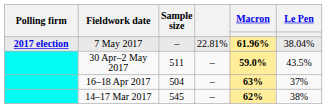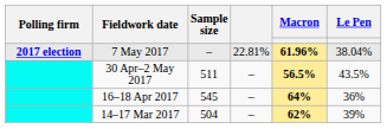 <table class="wikitable sortable" style="text-align:center;font-size:90%;line-height:14px;">
 <tr style="height:40px;">
 <th style="width:100px;" rowspan="2">Polling firm</th>
 <th style="width:110px;" rowspan="2">Fieldwork date</th>
 <th style="width:35px;" rowspan="2">Sample<br>size</th>
 <th style="width:30px;" rowspan="2"></th>
 <th class="unsortable" style="width:60px;"><a href='#'>Macron</a><br></th>
 <th class="unsortable" style="width:60px;"><a href='#'>Le Pen</a><br></th>
 </tr>
 <tr>
 <th style="background:"></th>
 <th style="background:"></th>
 </tr>
 <tr style="background:#E9E9E9;">
 <td><strong><a href='#'>2017 election</a></strong></td>
 <td data-sort-value="2017-05-07">7 May 2017</td>
 <td>–</td>
 <td>22.81%</td>
 <td style="background:#FFED99;"><strong>61.96%</strong></td>
 <td>38.04%</td>
 </tr>
 <tr>
 <td style="background:#04FBF4;"></td>
 <td data-sort-value="2017-05-02">30 Apr–2 May 2017</td>
 <td>511</td>
 <td>–</td>
-<td style="background:#FFED99;"><strong>59.0%</strong></td>
+<td style="background:#FFED99;"><strong>56.5%</strong></td>
 <td>43.5%</td>
 </tr>
 <tr>
 <td style="background:#04FBF4;"></td>
 <td data-sort-value="2017-04-18">16–18 Apr 2017</td>
-<td>504</td>
+<td>545</td>
 <td>–</td>
-<td style="background:#FFED99;"><strong>63%</strong></td>
-<td>37%</td>
+<td style="background:#FFED99;"><strong>64%</strong></td>
+<td>36%</td>
 </tr>
 <tr>
 <td style="background:#04FBF4;"></td>
 <td data-sort-value="2017-03-17">14–17 Mar 2017</td>
-<td>545</td>
+<td>504</td>
 <td>–</td>
 <td style="background:#FFED99;"><strong>62%</strong></td>
-<td>38%</td>
+<td>39%</td>
 </tr>
 </table>
